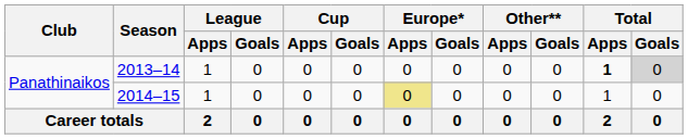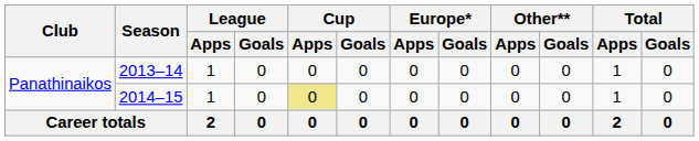 <table class="wikitable" style="font-size:88%; text-align: center">
 <tr>
 <th rowspan=2>Club</th>
 <th rowspan=2>Season</th>
 <th colspan=2>League</th>
 <th colspan=2>Cup</th>
 <th colspan=2>Europe*</th>
 <th colspan=2>Other**</th>
 <th colspan=2>Total</th>
 </tr>
 <tr>
 <th>Apps</th>
 <th>Goals</th>
 <th>Apps</th>
 <th>Goals</th>
 <th>Apps</th>
 <th>Goals</th>
 <th>Apps</th>
 <th>Goals</th>
 <th>Apps</th>
 <th>Goals</th>
 </tr>
 <tr>
 <td rowspan=2><a href='#'>Panathinaikos</a></td>
 <td><a href='#'>2013–14</a></td>
 <td>1</td>
 <td>0</td>
 <td>0</td>
 <td>0</td>
 <td>0</td>
 <td>0</td>
 <td>0</td>
 <td>0</td>
-<td><strong>1</strong></td>
-<td style="background: lightgrey;">0</td>
+<td>1</td>
+<td>0</td>
 </tr>
 <tr>
 <td><a href='#'>2014–15</a></td>
 <td>1</td>
 <td>0</td>
+<td style="background: khaki;">0</td>
 <td>0</td>
 <td>0</td>
-<td style="background: khaki;">0</td>
 <td>0</td>
 <td>0</td>
 <td>0</td>
 <td>1</td>
 <td>0</td>
 </tr>
 <tr>
 <th colspan="2">Career totals</th>
 <th>2</th>
 <th>0</th>
 <th>0</th>
 <th>0</th>
 <th>0</th>
 <th>0</th>
 <th>0</th>
 <th>0</th>
 <th>2</th>
 <th>0</th>
 </tr>
 </table>
